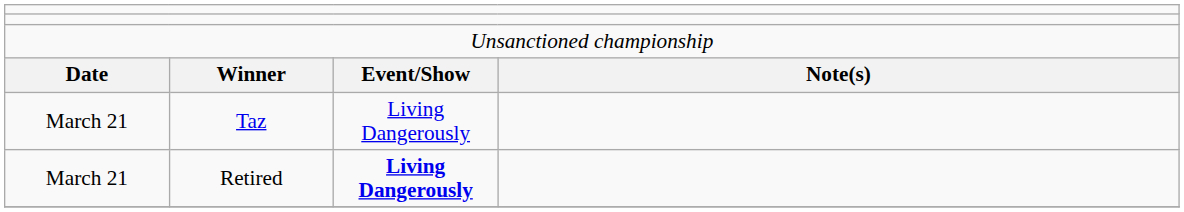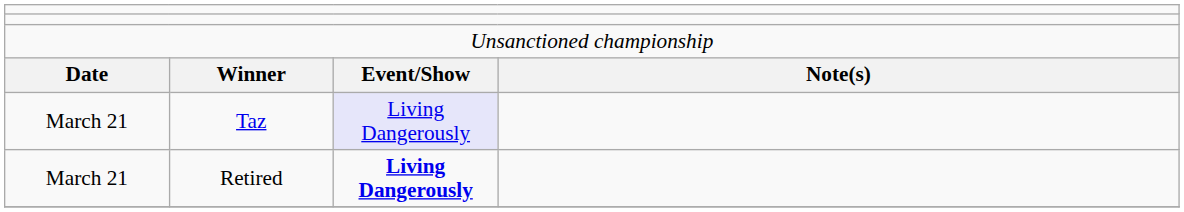 <table class="wikitable" style="text-align:center; width:100%;">
 <tr>
 <td colspan="5"></td>
 </tr>
 <tr>
 <td colspan="5"><strong></strong></td>
 </tr>
 <tr>
 <td colspan="5"><em>Unsanctioned championship</em></td>
 </tr>
 <tr>
 <th width=14%>Date</th>
 <th width=14%>Winner</th>
 <th width=14%>Event/Show</th>
 <th width=58%>Note(s)</th>
 </tr>
 <tr>
 <td>March 21</td>
 <td><a href='#'>Taz</a></td>
-<td><a href='#'>Living Dangerously</a></td>
+<td style="background: lavender;"><a href='#'>Living Dangerously</a></td>
 <td align=left></td>
 </tr>
 <tr>
 <td>March 21</td>
 <td>Retired</td>
 <td><strong><a href='#'>Living Dangerously</a></strong></td>
 <td align=left></td>
 </tr>
 <tr>
 </tr>
 </table>
